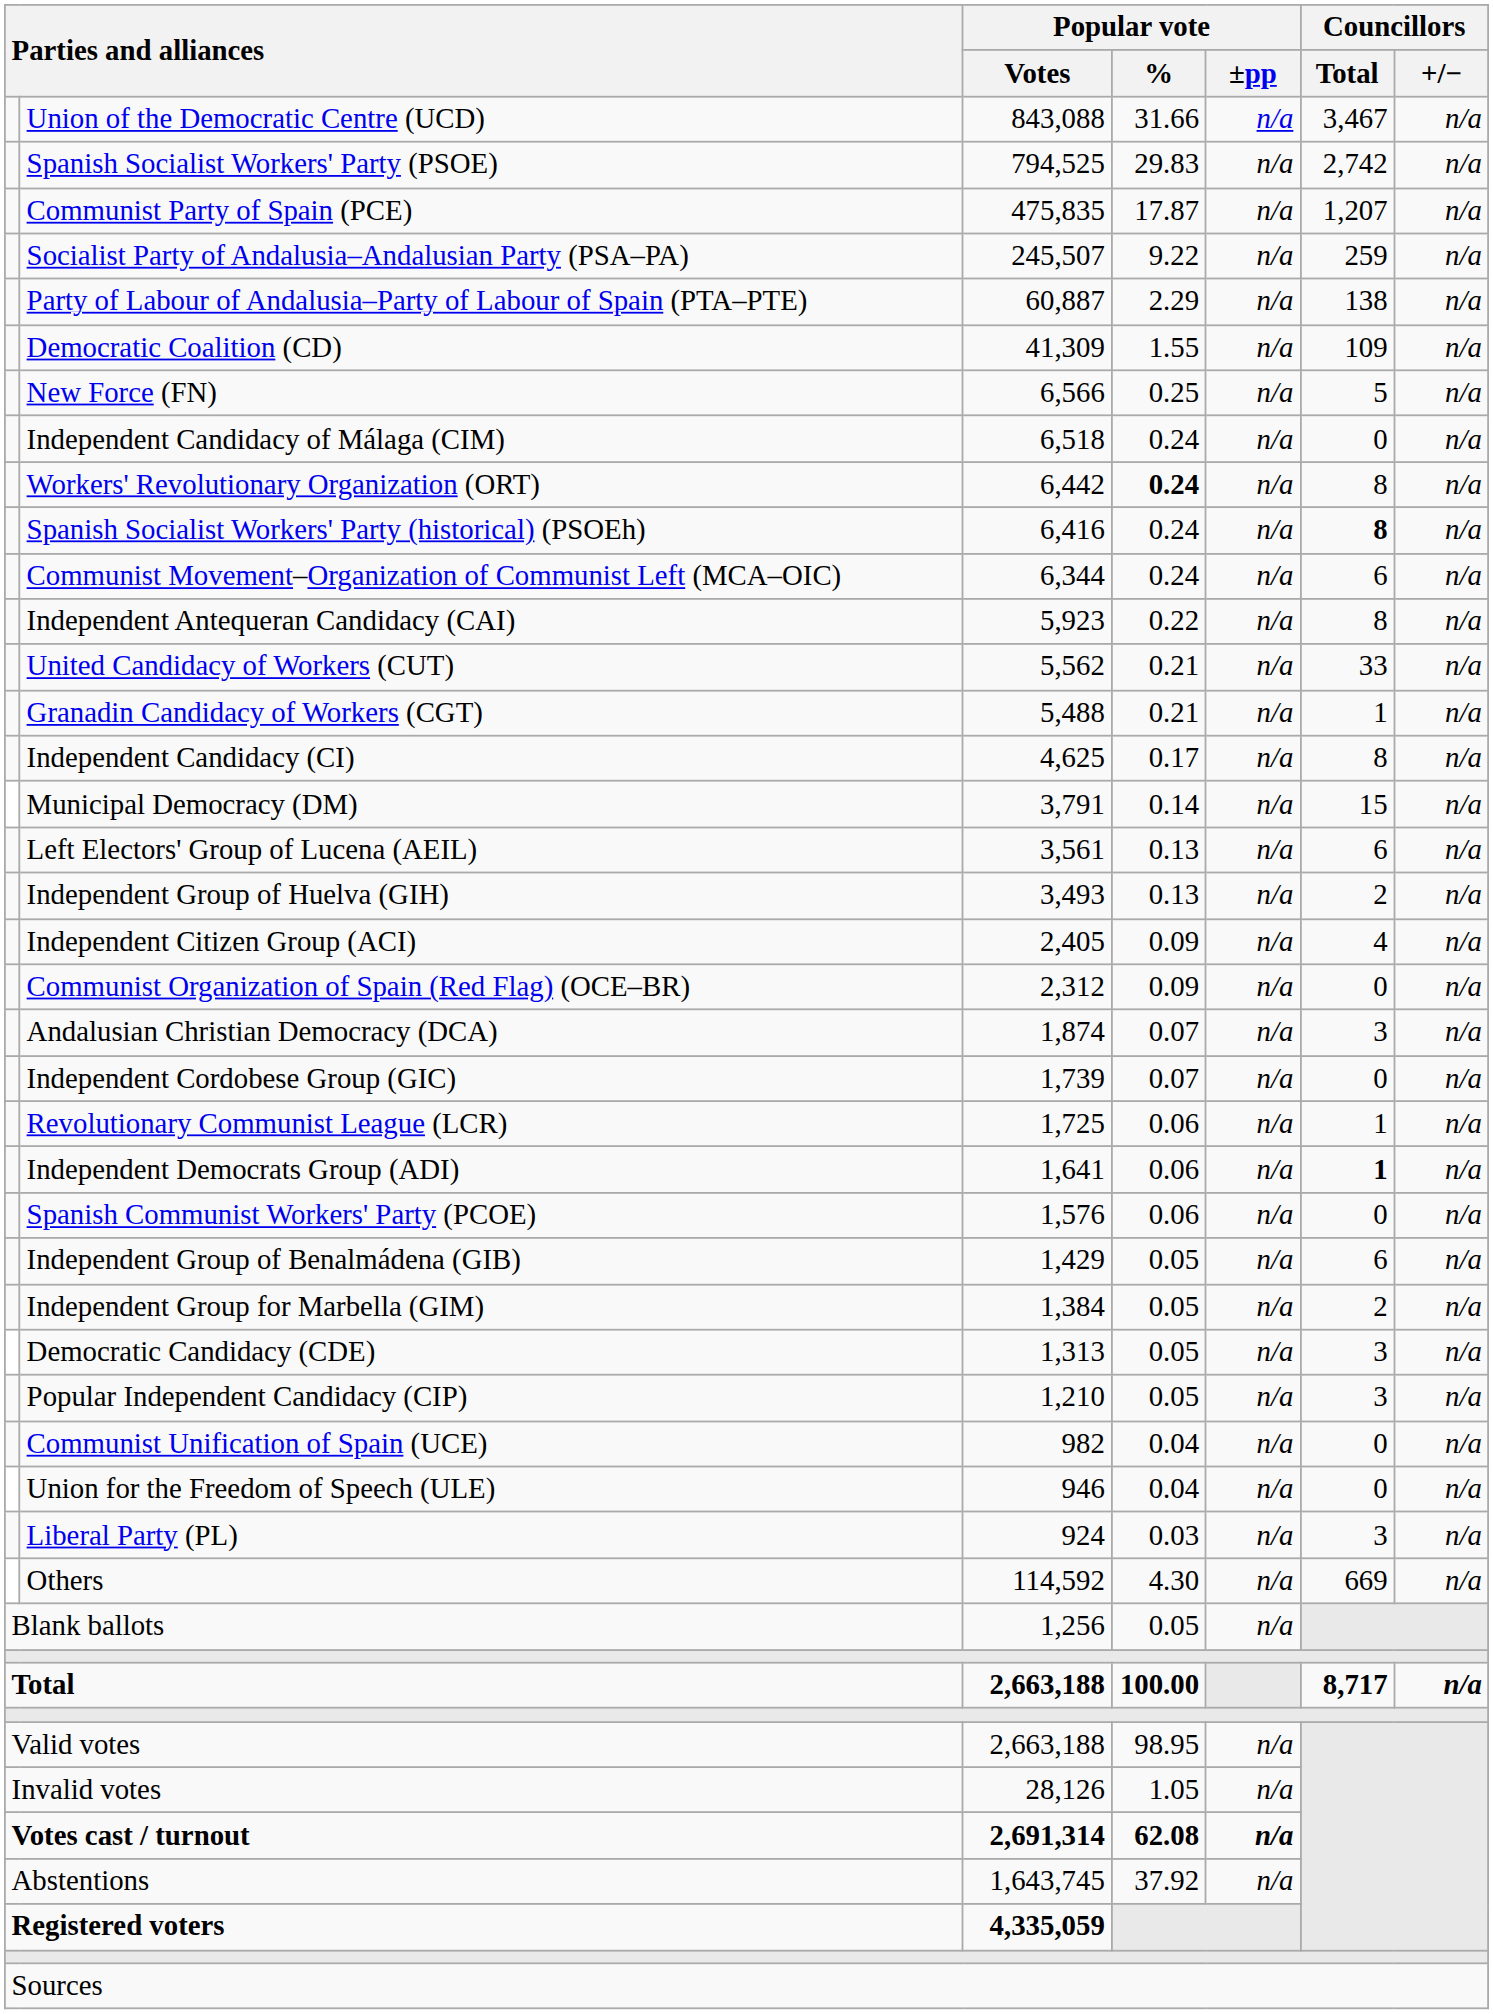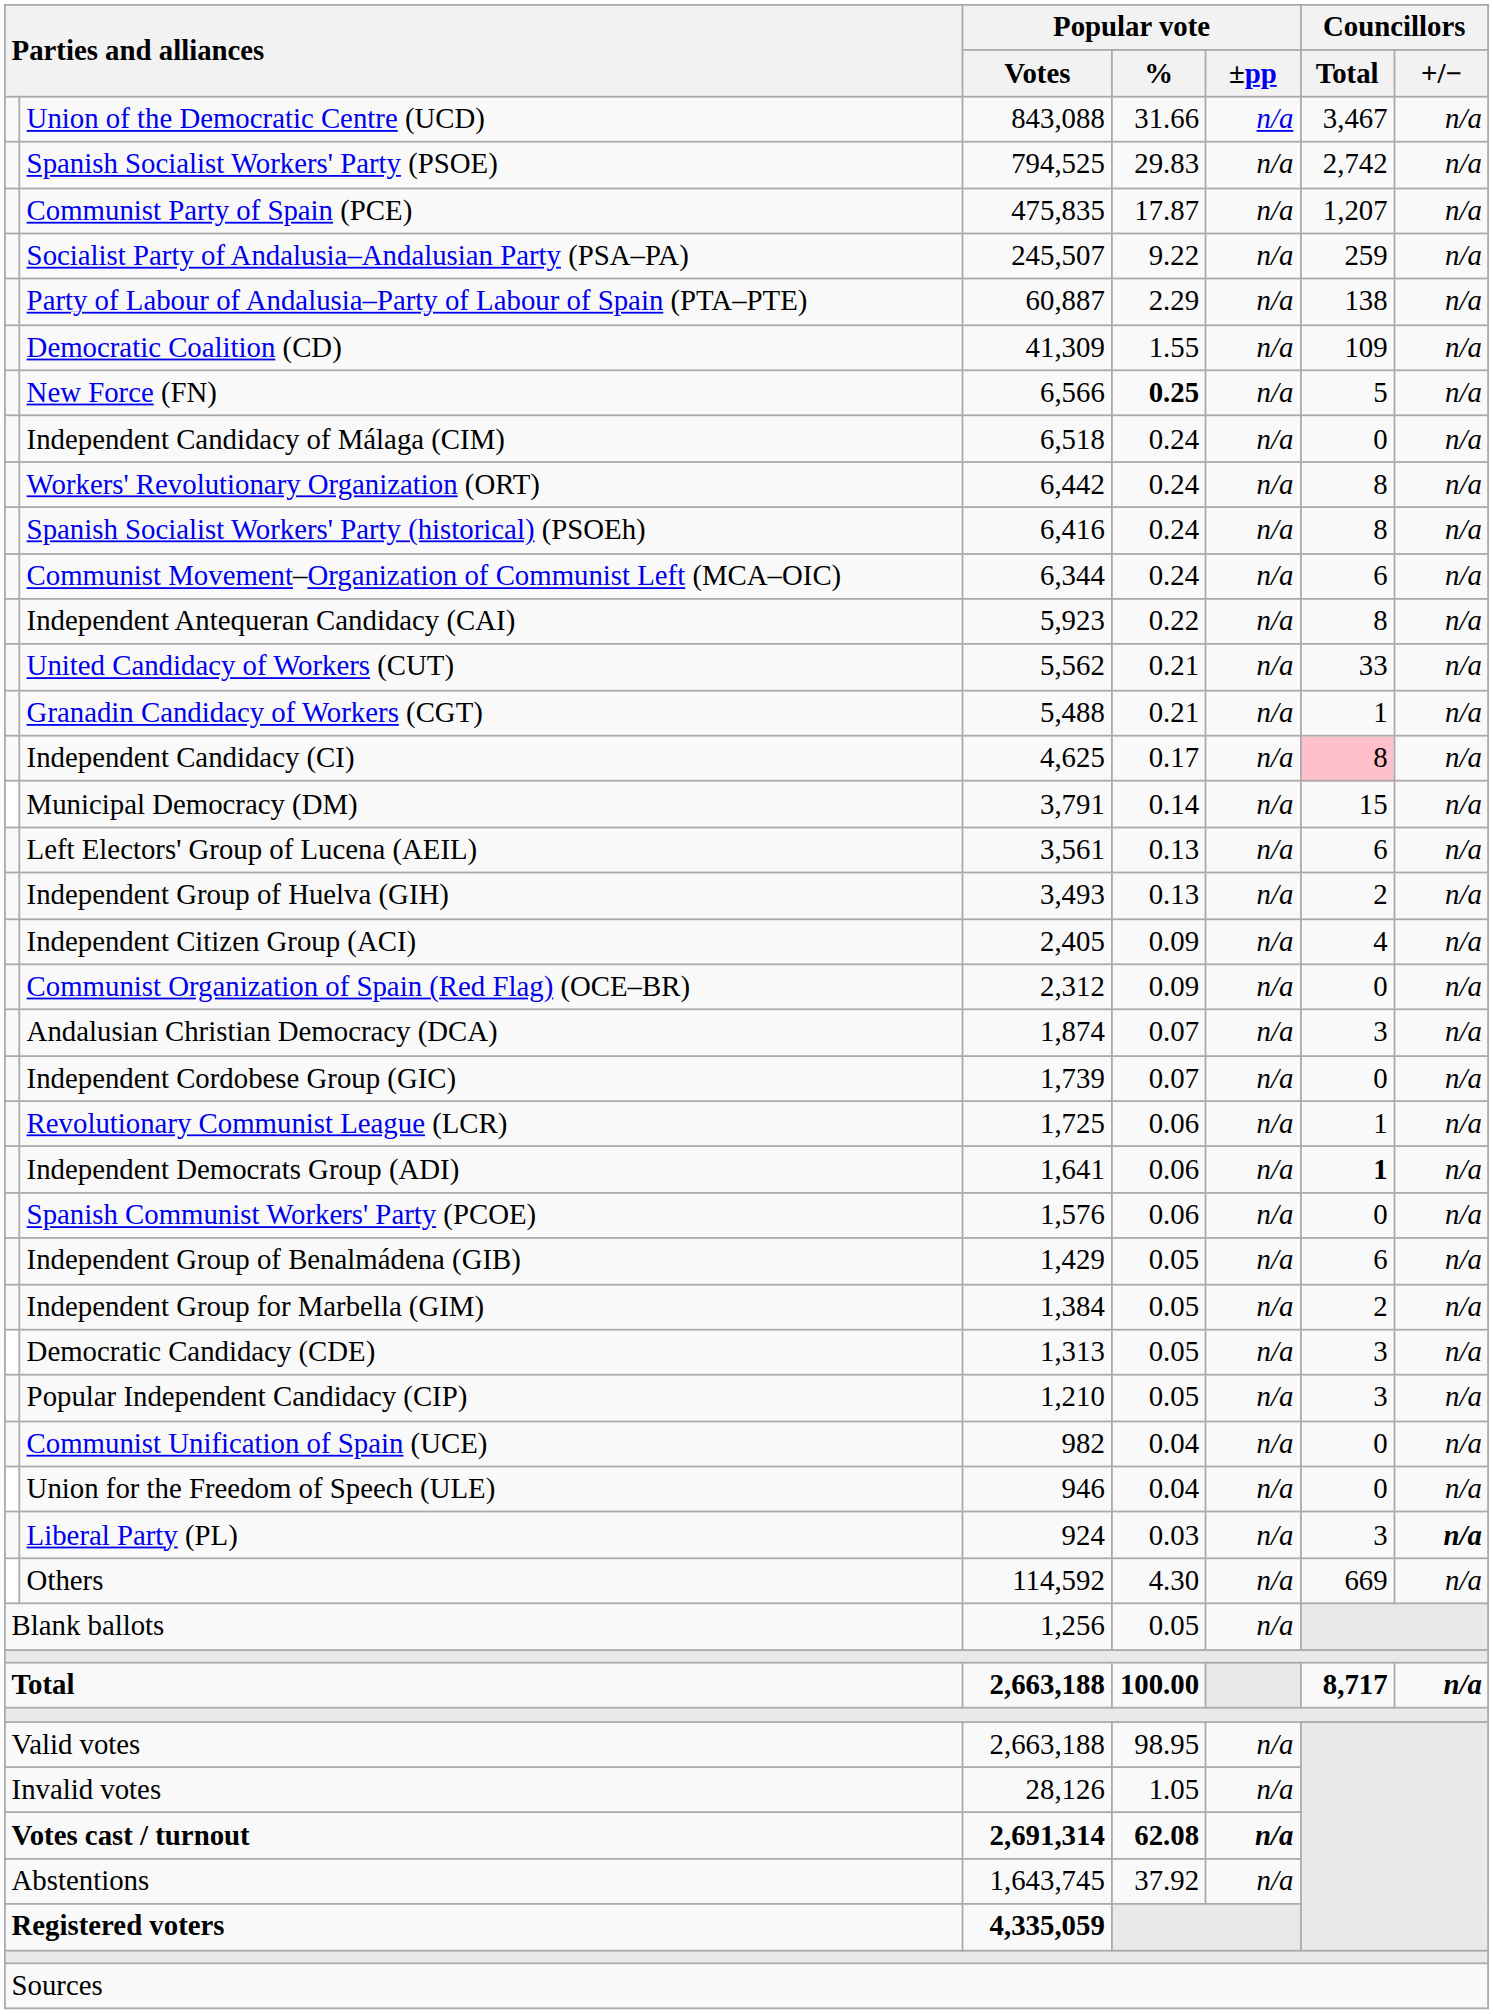 <table class="wikitable" style="text-align:right;">
 <tr>
 <th style="text-align:left;" rowspan="2" colspan="2" width="525">Parties and alliances</th>
 <th colspan="3">Popular vote</th>
 <th colspan="2">Councillors</th>
 </tr>
 <tr>
 <th width="75">Votes</th>
 <th width="45">%</th>
 <th width="45">±<a href='#'>pp</a></th>
 <th width="45">Total</th>
 <th width="45">+/−</th>
 </tr>
 <tr>
 <td width="1" style="color:inherit;background:"></td>
 <td align="left"><a href='#'>Union of the Democratic Centre</a> (UCD)</td>
 <td>843,088</td>
 <td>31.66</td>
 <td><em><a href='#'>n/a</a></em></td>
 <td>3,467</td>
 <td><em>n/a</em></td>
 </tr>
 <tr>
 <td style="color:inherit;background:"></td>
 <td align="left"><a href='#'>Spanish Socialist Workers' Party</a> (PSOE)</td>
 <td>794,525</td>
 <td>29.83</td>
 <td><em>n/a</em></td>
 <td>2,742</td>
 <td><em>n/a</em></td>
 </tr>
 <tr>
 <td style="color:inherit;background:"></td>
 <td align="left"><a href='#'>Communist Party of Spain</a> (PCE)</td>
 <td>475,835</td>
 <td>17.87</td>
 <td><em>n/a</em></td>
 <td>1,207</td>
 <td><em>n/a</em></td>
 </tr>
 <tr>
 <td style="color:inherit;background:"></td>
 <td align="left"><a href='#'>Socialist Party of Andalusia–Andalusian Party</a> (PSA–PA)</td>
 <td>245,507</td>
 <td>9.22</td>
 <td><em>n/a</em></td>
 <td>259</td>
 <td><em>n/a</em></td>
 </tr>
 <tr>
 <td style="color:inherit;background:"></td>
 <td align="left"><a href='#'>Party of Labour of Andalusia–Party of Labour of Spain</a> (PTA–PTE)</td>
 <td>60,887</td>
 <td>2.29</td>
 <td><em>n/a</em></td>
 <td>138</td>
 <td><em>n/a</em></td>
 </tr>
 <tr>
 <td style="color:inherit;background:"></td>
 <td align="left"><a href='#'>Democratic Coalition</a> (CD)</td>
 <td>41,309</td>
 <td>1.55</td>
 <td><em>n/a</em></td>
 <td>109</td>
 <td><em>n/a</em></td>
 </tr>
 <tr>
 <td style="color:inherit;background:"></td>
 <td align="left"><a href='#'>New Force</a> (FN)</td>
 <td>6,566</td>
-<td>0.25</td>
+<td><strong>0.25</strong></td>
 <td><em>n/a</em></td>
 <td>5</td>
 <td><em>n/a</em></td>
 </tr>
 <tr>
 <td style="color:inherit;background:"></td>
 <td align="left">Independent Candidacy of Málaga (CIM)</td>
 <td>6,518</td>
 <td>0.24</td>
 <td><em>n/a</em></td>
 <td>0</td>
 <td><em>n/a</em></td>
 </tr>
 <tr>
 <td style="color:inherit;background:"></td>
 <td align="left"><a href='#'>Workers' Revolutionary Organization</a> (ORT)</td>
 <td>6,442</td>
-<td><strong>0.24</strong></td>
+<td>0.24</td>
 <td><em>n/a</em></td>
 <td>8</td>
 <td><em>n/a</em></td>
 </tr>
 <tr>
 <td style="color:inherit;background:"></td>
 <td align="left"><a href='#'>Spanish Socialist Workers' Party (historical)</a> (PSOEh)</td>
 <td>6,416</td>
 <td>0.24</td>
 <td><em>n/a</em></td>
-<td><strong>8</strong></td>
+<td>8</td>
 <td><em>n/a</em></td>
 </tr>
 <tr>
 <td style="color:inherit;background:"></td>
 <td align="left"><a href='#'>Communist Movement</a>–<a href='#'>Organization of Communist Left</a> (MCA–OIC)</td>
 <td>6,344</td>
 <td>0.24</td>
 <td><em>n/a</em></td>
 <td>6</td>
 <td><em>n/a</em></td>
 </tr>
 <tr>
 <td style="color:inherit;background:"></td>
 <td align="left">Independent Antequeran Candidacy (CAI)</td>
 <td>5,923</td>
 <td>0.22</td>
 <td><em>n/a</em></td>
 <td>8</td>
 <td><em>n/a</em></td>
 </tr>
 <tr>
 <td style="color:inherit;background:"></td>
 <td align="left"><a href='#'>United Candidacy of Workers</a> (CUT)</td>
 <td>5,562</td>
 <td>0.21</td>
 <td><em>n/a</em></td>
 <td>33</td>
 <td><em>n/a</em></td>
 </tr>
 <tr>
 <td style="color:inherit;background:"></td>
 <td align="left"><a href='#'>Granadin Candidacy of Workers</a> (CGT)</td>
 <td>5,488</td>
 <td>0.21</td>
 <td><em>n/a</em></td>
 <td>1</td>
 <td><em>n/a</em></td>
 </tr>
 <tr>
 <td style="color:inherit;background:"></td>
 <td align="left">Independent Candidacy (CI)</td>
 <td>4,625</td>
 <td>0.17</td>
 <td><em>n/a</em></td>
-<td>8</td>
+<td style="background: pink;">8</td>
 <td><em>n/a</em></td>
 </tr>
 <tr>
 <td bgcolor="white"></td>
 <td align="left">Municipal Democracy (DM)</td>
 <td>3,791</td>
 <td>0.14</td>
 <td><em>n/a</em></td>
 <td>15</td>
 <td><em>n/a</em></td>
 </tr>
 <tr>
 <td style="color:inherit;background:"></td>
 <td align="left">Left Electors' Group of Lucena (AEIL)</td>
 <td>3,561</td>
 <td>0.13</td>
 <td><em>n/a</em></td>
 <td>6</td>
 <td><em>n/a</em></td>
 </tr>
 <tr>
 <td style="color:inherit;background:"></td>
 <td align="left">Independent Group of Huelva (GIH)</td>
 <td>3,493</td>
 <td>0.13</td>
 <td><em>n/a</em></td>
 <td>2</td>
 <td><em>n/a</em></td>
 </tr>
 <tr>
 <td style="color:inherit;background:"></td>
 <td align="left">Independent Citizen Group (ACI)</td>
 <td>2,405</td>
 <td>0.09</td>
 <td><em>n/a</em></td>
 <td>4</td>
 <td><em>n/a</em></td>
 </tr>
 <tr>
 <td style="color:inherit;background:"></td>
 <td align="left"><a href='#'>Communist Organization of Spain (Red Flag)</a> (OCE–BR)</td>
 <td>2,312</td>
 <td>0.09</td>
 <td><em>n/a</em></td>
 <td>0</td>
 <td><em>n/a</em></td>
 </tr>
 <tr>
 <td style="color:inherit;background:"></td>
 <td align="left">Andalusian Christian Democracy (DCA)</td>
 <td>1,874</td>
 <td>0.07</td>
 <td><em>n/a</em></td>
 <td>3</td>
 <td><em>n/a</em></td>
 </tr>
 <tr>
 <td style="color:inherit;background:"></td>
 <td align="left">Independent Cordobese Group (GIC)</td>
 <td>1,739</td>
 <td>0.07</td>
 <td><em>n/a</em></td>
 <td>0</td>
 <td><em>n/a</em></td>
 </tr>
 <tr>
 <td style="color:inherit;background:"></td>
 <td align="left"><a href='#'>Revolutionary Communist League</a> (LCR)</td>
 <td>1,725</td>
 <td>0.06</td>
 <td><em>n/a</em></td>
 <td>1</td>
 <td><em>n/a</em></td>
 </tr>
 <tr>
 <td style="color:inherit;background:"></td>
 <td align="left">Independent Democrats Group (ADI)</td>
 <td>1,641</td>
 <td>0.06</td>
 <td><em>n/a</em></td>
 <td><strong>1</strong></td>
 <td><em>n/a</em></td>
 </tr>
 <tr>
 <td style="color:inherit;background:"></td>
 <td align="left"><a href='#'>Spanish Communist Workers' Party</a> (PCOE)</td>
 <td>1,576</td>
 <td>0.06</td>
 <td><em>n/a</em></td>
 <td>0</td>
 <td><em>n/a</em></td>
 </tr>
 <tr>
 <td style="color:inherit;background:"></td>
 <td align="left">Independent Group of Benalmádena (GIB)</td>
 <td>1,429</td>
 <td>0.05</td>
 <td><em>n/a</em></td>
 <td>6</td>
 <td><em>n/a</em></td>
 </tr>
 <tr>
 <td style="color:inherit;background:"></td>
 <td align="left">Independent Group for Marbella (GIM)</td>
 <td>1,384</td>
 <td>0.05</td>
 <td><em>n/a</em></td>
 <td>2</td>
 <td><em>n/a</em></td>
 </tr>
 <tr>
 <td bgcolor="white"></td>
 <td align="left">Democratic Candidacy (CDE)</td>
 <td>1,313</td>
 <td>0.05</td>
 <td><em>n/a</em></td>
 <td>3</td>
 <td><em>n/a</em></td>
 </tr>
 <tr>
 <td style="color:inherit;background:"></td>
 <td align="left">Popular Independent Candidacy (CIP)</td>
 <td>1,210</td>
 <td>0.05</td>
 <td><em>n/a</em></td>
 <td>3</td>
 <td><em>n/a</em></td>
 </tr>
 <tr>
 <td style="color:inherit;background:"></td>
 <td align="left"><a href='#'>Communist Unification of Spain</a> (UCE)</td>
 <td>982</td>
 <td>0.04</td>
 <td><em>n/a</em></td>
 <td>0</td>
 <td><em>n/a</em></td>
 </tr>
 <tr>
 <td bgcolor="white"></td>
 <td align="left">Union for the Freedom of Speech (ULE)</td>
 <td>946</td>
 <td>0.04</td>
 <td><em>n/a</em></td>
 <td>0</td>
 <td><em>n/a</em></td>
 </tr>
 <tr>
 <td style="color:inherit;background:"></td>
 <td align="left"><a href='#'>Liberal Party</a> (PL)</td>
 <td>924</td>
 <td>0.03</td>
 <td><em>n/a</em></td>
 <td>3</td>
-<td><em>n/a</em></td>
+<td><strong><em>n/a</em></strong></td>
 </tr>
 <tr>
 <td bgcolor="white"></td>
 <td align="left">Others</td>
 <td>114,592</td>
 <td>4.30</td>
 <td><em>n/a</em></td>
 <td>669</td>
 <td><em>n/a</em></td>
 </tr>
 <tr>
 <td align="left" colspan="2">Blank ballots</td>
 <td>1,256</td>
 <td>0.05</td>
 <td><em>n/a</em></td>
 <td bgcolor="#E9E9E9" colspan="2"></td>
 </tr>
 <tr>
 <td colspan="7" bgcolor="#E9E9E9"></td>
 </tr>
 <tr style="font-weight:bold;">
 <td align="left" colspan="2">Total</td>
 <td>2,663,188</td>
 <td>100.00</td>
 <td bgcolor="#E9E9E9"></td>
 <td>8,717</td>
 <td><em>n/a</em></td>
 </tr>
 <tr>
 <td colspan="7" bgcolor="#E9E9E9"></td>
 </tr>
 <tr>
 <td align="left" colspan="2">Valid votes</td>
 <td>2,663,188</td>
 <td>98.95</td>
 <td><em>n/a</em></td>
 <td bgcolor="#E9E9E9" colspan="2" rowspan="5"></td>
 </tr>
 <tr>
 <td align="left" colspan="2">Invalid votes</td>
 <td>28,126</td>
 <td>1.05</td>
 <td><em>n/a</em></td>
 </tr>
 <tr style="font-weight:bold;">
 <td align="left" colspan="2">Votes cast / turnout</td>
 <td>2,691,314</td>
 <td>62.08</td>
 <td><em>n/a</em></td>
 </tr>
 <tr>
 <td align="left" colspan="2">Abstentions</td>
 <td>1,643,745</td>
 <td>37.92</td>
 <td><em>n/a</em></td>
 </tr>
 <tr style="font-weight:bold;">
 <td align="left" colspan="2">Registered voters</td>
 <td>4,335,059</td>
 <td bgcolor="#E9E9E9" colspan="2"></td>
 </tr>
 <tr>
 <td colspan="7" bgcolor="#E9E9E9"></td>
 </tr>
 <tr>
 <td align="left" colspan="7">Sources</td>
 </tr>
 </table>
